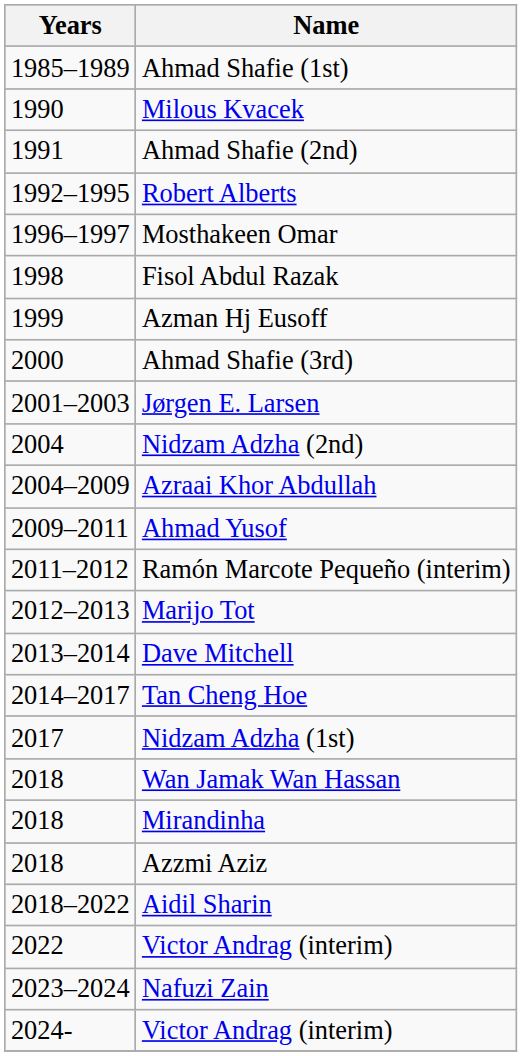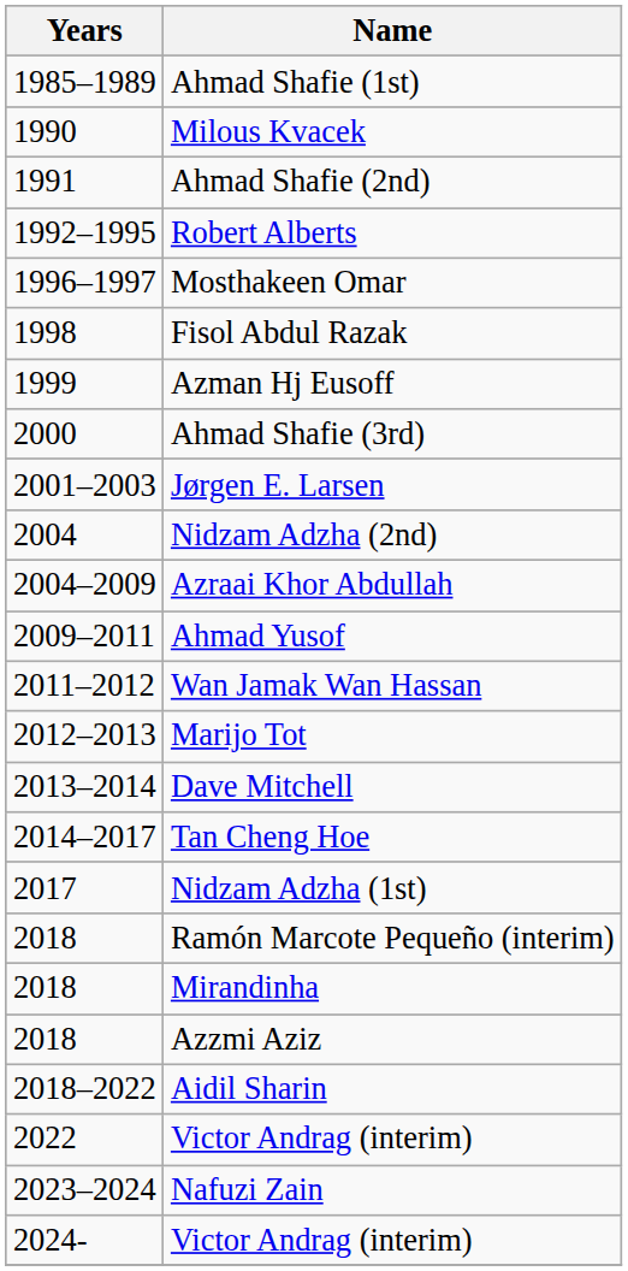 <table class="wikitable">
 <tr>
 <th>Years</th>
 <th>Name</th>
 </tr>
 <tr>
 <td>1985–1989</td>
 <td> Ahmad Shafie (1st)</td>
 </tr>
 <tr>
 <td>1990</td>
 <td> <a href='#'>Milous Kvacek</a></td>
 </tr>
 <tr>
 <td>1991</td>
 <td> Ahmad Shafie (2nd)</td>
 </tr>
 <tr>
 <td>1992–1995</td>
 <td> <a href='#'>Robert Alberts</a></td>
 </tr>
 <tr>
 <td>1996–1997</td>
 <td> Mosthakeen Omar</td>
 </tr>
 <tr>
 <td>1998</td>
 <td> Fisol Abdul Razak</td>
 </tr>
 <tr>
 <td>1999</td>
 <td> Azman Hj Eusoff</td>
 </tr>
 <tr>
 <td>2000</td>
 <td> Ahmad Shafie (3rd)</td>
 </tr>
 <tr>
 <td>2001–2003</td>
 <td> <a href='#'>Jørgen E. Larsen</a></td>
 </tr>
 <tr>
 <td>2004</td>
 <td> <a href='#'>Nidzam Adzha</a> (2nd)</td>
 </tr>
 <tr>
 <td>2004–2009</td>
 <td> <a href='#'>Azraai Khor Abdullah</a></td>
 </tr>
 <tr>
 <td>2009–2011</td>
 <td> <a href='#'>Ahmad Yusof</a></td>
 </tr>
 <tr>
 <td>2011–2012</td>
-<td> Ramón Marcote Pequeño (interim)</td>
+<td> <a href='#'>Wan Jamak Wan Hassan</a></td>
 </tr>
 <tr>
 <td>2012–2013</td>
 <td> <a href='#'>Marijo Tot</a></td>
 </tr>
 <tr>
 <td>2013–2014</td>
 <td> <a href='#'>Dave Mitchell</a></td>
 </tr>
 <tr>
 <td>2014–2017</td>
 <td> <a href='#'>Tan Cheng Hoe</a></td>
 </tr>
 <tr>
 <td>2017</td>
 <td> <a href='#'>Nidzam Adzha</a> (1st)</td>
 </tr>
 <tr>
 <td>2018</td>
-<td> <a href='#'>Wan Jamak Wan Hassan</a></td>
+<td> Ramón Marcote Pequeño (interim)</td>
 </tr>
 <tr>
 <td>2018</td>
 <td> <a href='#'>Mirandinha</a></td>
 </tr>
 <tr>
 <td>2018</td>
 <td> Azzmi Aziz</td>
 </tr>
 <tr>
 <td>2018–2022</td>
 <td> <a href='#'>Aidil Sharin</a></td>
 </tr>
 <tr>
 <td>2022</td>
 <td> <a href='#'>Victor Andrag</a> (interim)</td>
 </tr>
 <tr>
 <td>2023–2024</td>
 <td> <a href='#'>Nafuzi Zain</a></td>
 </tr>
 <tr>
 <td>2024-</td>
 <td> <a href='#'>Victor Andrag</a> (interim)</td>
 </tr>
 <tr>
 </tr>
 </table>
